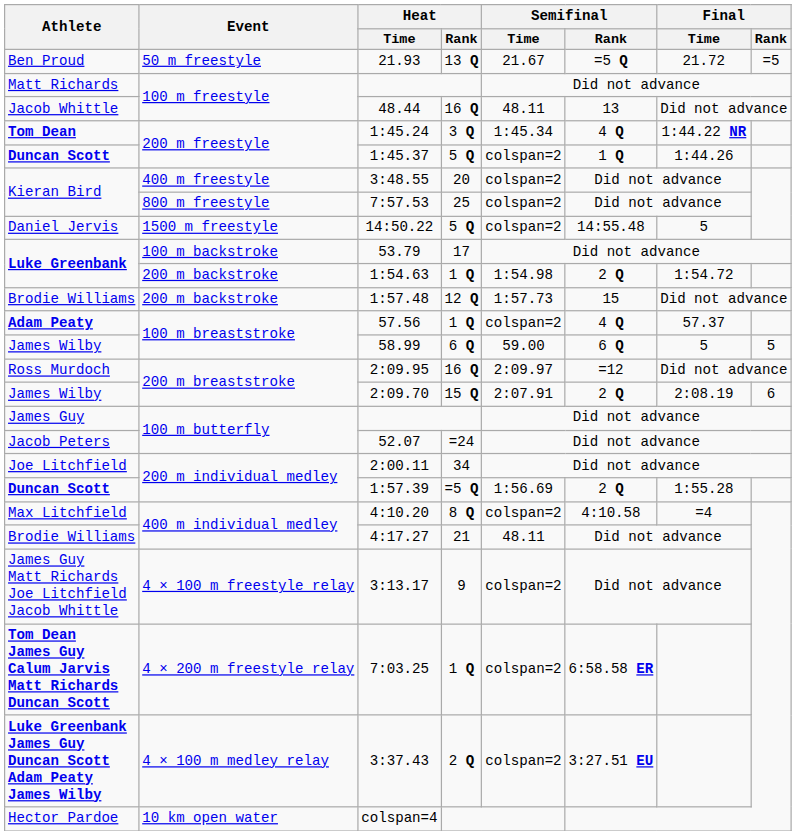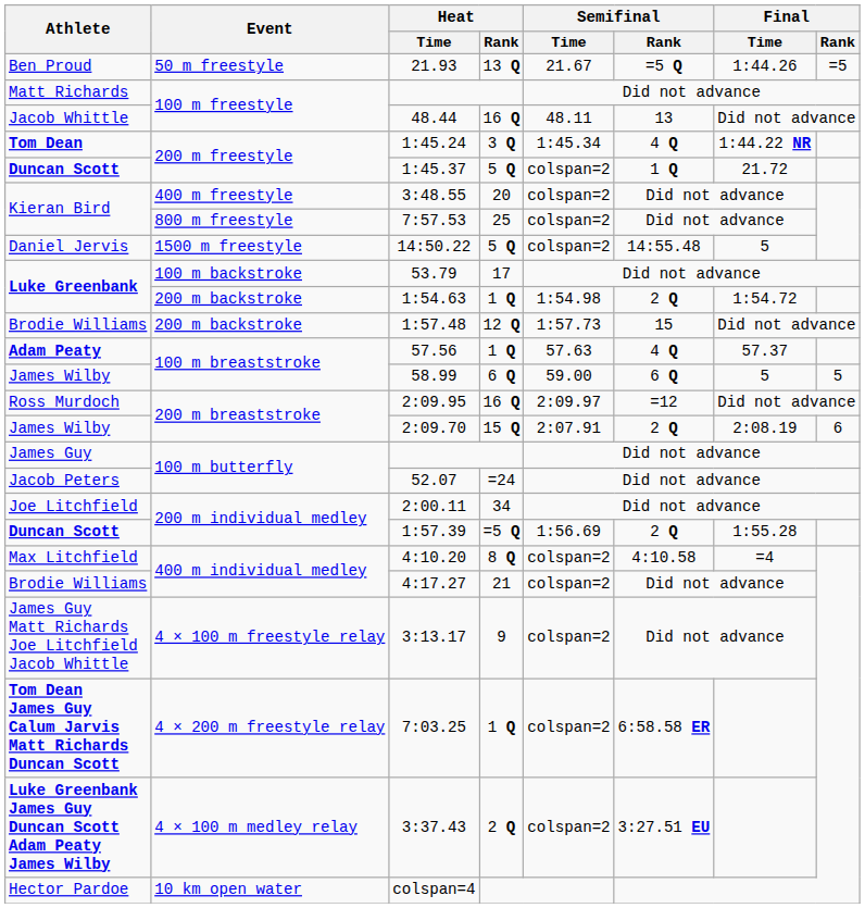 <table class=wikitable style=font-size:90%;text-align:center>
 <tr>
 <th rowspan=2>Athlete</th>
 <th rowspan=2>Event</th>
 <th colspan=2>Heat</th>
 <th colspan=2>Semifinal</th>
 <th colspan=2>Final</th>
 </tr>
 <tr style=font-size:95%>
 <th>Time</th>
 <th>Rank</th>
 <th>Time</th>
 <th>Rank</th>
 <th>Time</th>
 <th>Rank</th>
 </tr>
 <tr>
 <td align=left><a href='#'>Ben Proud</a></td>
 <td align=left><a href='#'>50 m freestyle</a></td>
 <td>21.93</td>
 <td>13 <strong>Q</strong></td>
 <td>21.67</td>
 <td>=5 <strong>Q</strong></td>
-<td>21.72</td>
+<td>1:44.26</td>
 <td>=5</td>
 </tr>
 <tr>
 <td align=left><a href='#'>Matt Richards</a></td>
 <td align=left rowspan=2><a href='#'>100 m freestyle</a></td>
 <td colspan="2"></td>
 <td colspan="4">Did not advance</td>
 </tr>
 <tr>
 <td align=left><a href='#'>Jacob Whittle</a></td>
 <td>48.44</td>
 <td>16 <strong>Q</strong></td>
 <td>48.11</td>
 <td>13</td>
 <td colspan="2">Did not advance</td>
 </tr>
 <tr>
 <td align=left><strong><a href='#'>Tom Dean</a></strong></td>
 <td align=left rowspan=2><a href='#'>200 m freestyle</a></td>
 <td>1:45.24</td>
 <td>3 <strong>Q</strong></td>
 <td>1:45.34</td>
 <td>4 <strong>Q</strong></td>
 <td>1:44.22 <strong><a href='#'>NR</a></strong></td>
 <td></td>
 </tr>
 <tr>
 <td align=left><strong><a href='#'>Duncan Scott</a></strong></td>
 <td>1:45.37</td>
 <td>5 <strong>Q</strong></td>
 <td>colspan=2 </td>
 <td>1 <strong>Q</strong></td>
-<td>1:44.26</td>
+<td>21.72</td>
 <td></td>
 </tr>
 <tr>
 <td align=left rowspan=2><a href='#'>Kieran Bird</a></td>
 <td align=left><a href='#'>400 m freestyle</a></td>
 <td>3:48.55</td>
 <td>20</td>
 <td>colspan=2 </td>
 <td colspan="2">Did not advance</td>
 </tr>
 <tr>
 <td align=left><a href='#'>800 m freestyle</a></td>
 <td>7:57.53</td>
 <td>25</td>
 <td>colspan=2 </td>
 <td colspan="2">Did not advance</td>
 </tr>
 <tr>
 <td align=left><a href='#'>Daniel Jervis</a></td>
 <td align=left><a href='#'>1500 m freestyle</a></td>
 <td>14:50.22</td>
 <td>5 <strong>Q</strong></td>
 <td>colspan=2 </td>
 <td>14:55.48</td>
 <td>5</td>
 </tr>
 <tr>
 <td align=left rowspan=2><strong><a href='#'>Luke Greenbank</a></strong></td>
 <td align=left><a href='#'>100 m backstroke</a></td>
 <td>53.79</td>
 <td>17</td>
 <td colspan=4>Did not advance</td>
 </tr>
 <tr>
 <td align=left><a href='#'>200 m backstroke</a></td>
 <td>1:54.63</td>
 <td>1 <strong>Q</strong></td>
 <td>1:54.98</td>
 <td>2 <strong>Q</strong></td>
 <td>1:54.72</td>
 <td></td>
 </tr>
 <tr>
 <td align=left><a href='#'>Brodie Williams</a></td>
 <td align=left><a href='#'>200 m backstroke</a></td>
 <td>1:57.48</td>
 <td>12 <strong>Q</strong></td>
 <td>1:57.73</td>
 <td>15</td>
 <td colspan="2">Did not advance</td>
 </tr>
 <tr>
 <td align=left><strong><a href='#'>Adam Peaty</a></strong></td>
 <td align=left rowspan=2><a href='#'>100 m breaststroke</a></td>
 <td>57.56</td>
 <td>1 <strong>Q</strong></td>
-<td>colspan=2 </td>
+<td>57.63</td>
 <td>4 <strong>Q</strong></td>
 <td>57.37</td>
 <td></td>
 </tr>
 <tr>
 <td align=left><a href='#'>James Wilby</a></td>
 <td>58.99</td>
 <td>6 <strong>Q</strong></td>
 <td>59.00</td>
 <td>6 <strong>Q</strong></td>
 <td>5</td>
 <td>5</td>
 </tr>
 <tr>
 <td align=left><a href='#'>Ross Murdoch</a></td>
 <td align=left rowspan=2><a href='#'>200 m breaststroke</a></td>
 <td>2:09.95</td>
 <td>16 <strong>Q</strong></td>
 <td>2:09.97</td>
 <td>=12</td>
 <td colspan="2">Did not advance</td>
 </tr>
 <tr>
 <td align=left><a href='#'>James Wilby</a></td>
 <td>2:09.70</td>
 <td>15 <strong>Q</strong></td>
 <td>2:07.91</td>
 <td>2 <strong>Q</strong></td>
 <td>2:08.19</td>
 <td>6</td>
 </tr>
 <tr>
 <td align=left><a href='#'>James Guy</a></td>
 <td align=left rowspan=2><a href='#'>100 m butterfly</a></td>
 <td colspan="2"></td>
 <td colspan="4">Did not advance</td>
 </tr>
 <tr>
 <td align=left><a href='#'>Jacob Peters</a></td>
 <td>52.07</td>
 <td>=24</td>
 <td colspan="4">Did not advance</td>
 </tr>
 <tr>
 <td align=left><a href='#'>Joe Litchfield</a></td>
 <td align=left rowspan=2><a href='#'>200 m individual medley</a></td>
 <td>2:00.11</td>
 <td>34</td>
 <td colspan="4">Did not advance</td>
 </tr>
 <tr>
 <td align=left><strong><a href='#'>Duncan Scott</a></strong></td>
 <td>1:57.39</td>
 <td>=5 <strong>Q</strong></td>
 <td>1:56.69</td>
 <td>2 <strong>Q</strong></td>
 <td>1:55.28</td>
 <td></td>
 </tr>
 <tr>
 <td align=left><a href='#'>Max Litchfield</a></td>
 <td align=left rowspan=2><a href='#'>400 m individual medley</a></td>
 <td>4:10.20</td>
 <td>8 <strong>Q</strong></td>
 <td>colspan=2 </td>
 <td>4:10.58</td>
 <td>=4</td>
 </tr>
 <tr>
 <td align=left><a href='#'>Brodie Williams</a></td>
 <td>4:17.27</td>
 <td>21</td>
-<td>48.11</td>
+<td>colspan=2 </td>
 <td colspan="2">Did not advance</td>
 </tr>
 <tr>
 <td align=left><a href='#'>James Guy</a><br><a href='#'>Matt Richards</a><br><a href='#'>Joe Litchfield</a><br><a href='#'>Jacob Whittle</a></td>
 <td align=left><a href='#'>4 × 100 m freestyle relay</a></td>
 <td>3:13.17</td>
 <td>9</td>
 <td>colspan=2 </td>
 <td colspan="2">Did not advance</td>
 </tr>
 <tr>
 <td align=left><strong><a href='#'>Tom Dean</a><br><a href='#'>James Guy</a><br><a href='#'>Calum Jarvis</a><br><a href='#'>Matt Richards</a><br><a href='#'>Duncan Scott</a></strong></td>
 <td align=left><a href='#'>4 × 200 m freestyle relay</a></td>
 <td>7:03.25</td>
 <td>1 <strong>Q</strong></td>
 <td>colspan=2 </td>
 <td>6:58.58 <strong><a href='#'>ER</a></strong></td>
 <td></td>
 </tr>
 <tr>
 <td align=left><strong><a href='#'>Luke Greenbank</a><br><a href='#'>James Guy</a><br><a href='#'>Duncan Scott</a><br><a href='#'>Adam Peaty</a><br><a href='#'>James Wilby</a></strong></td>
 <td align=left><a href='#'>4 × 100 m medley relay</a></td>
 <td>3:37.43</td>
 <td>2 <strong>Q</strong></td>
 <td>colspan=2 </td>
 <td>3:27.51 <strong><a href='#'>EU</a></strong></td>
 <td></td>
 </tr>
 <tr>
 <td align=left><a href='#'>Hector Pardoe</a></td>
 <td align=left><a href='#'>10 km open water</a></td>
 <td>colspan=4 </td>
 <td colspan=2></td>
 </tr>
 </table>
